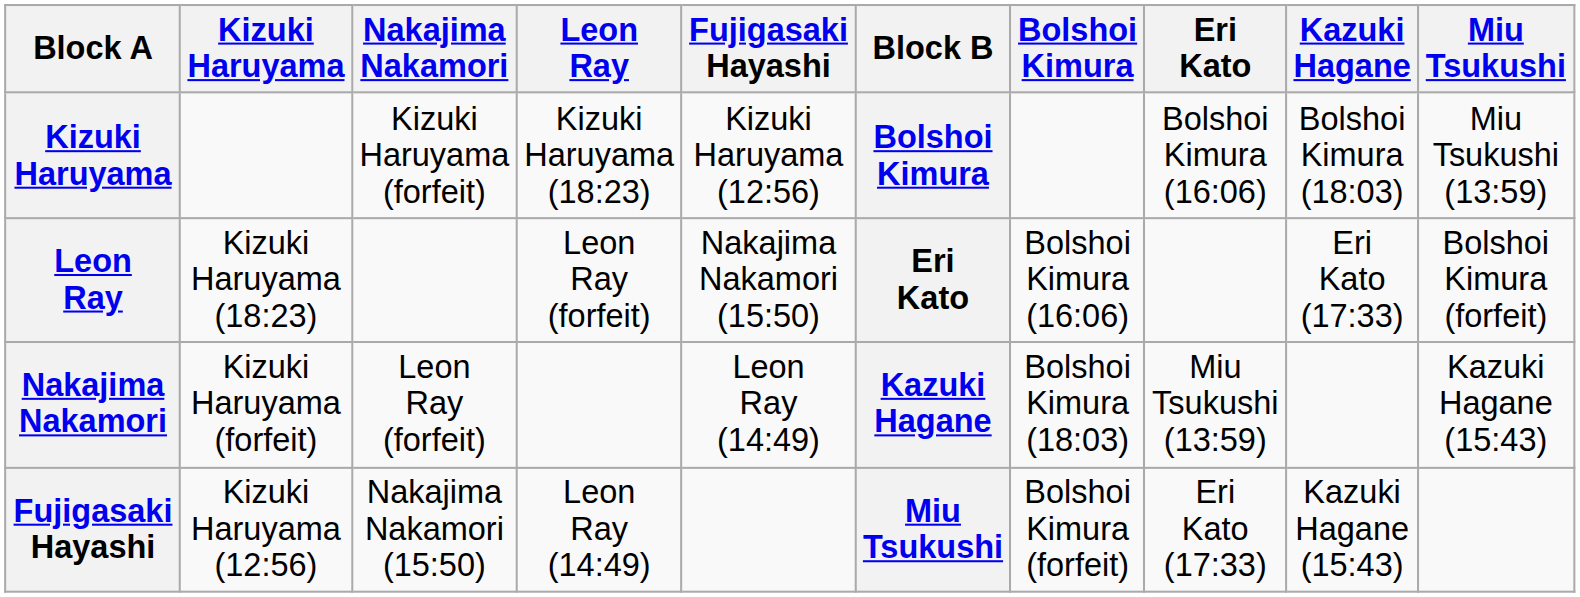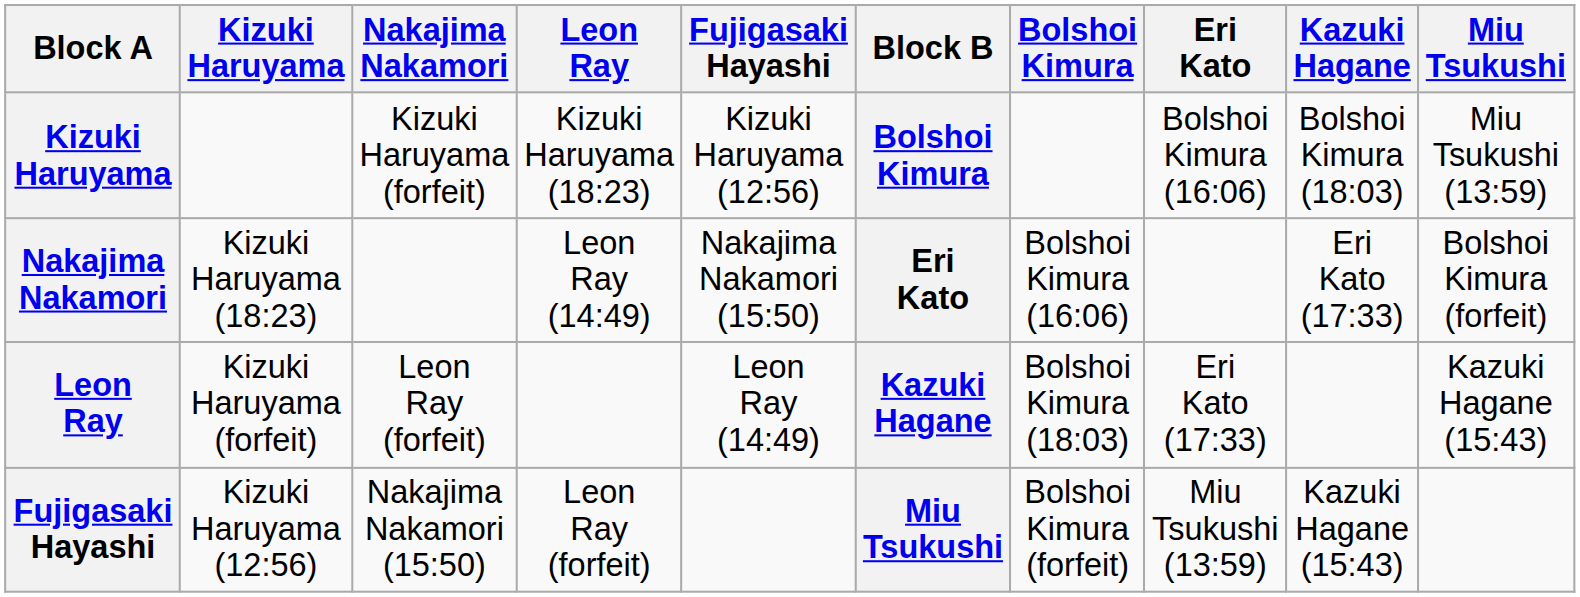 <table class="wikitable" style="text-align:center; margin: 1em auto 1em auto">
 <tr>
 <th>Block A</th>
 <th><a href='#'>Kizuki</a><br><a href='#'>Haruyama</a></th>
 <th><a href='#'>Nakajima</a><br><a href='#'>Nakamori</a></th>
 <th><a href='#'>Leon</a><br><a href='#'>Ray</a></th>
 <th><a href='#'>Fujigasaki</a><br>Hayashi</th>
 <th>Block B</th>
 <th><a href='#'>Bolshoi</a><br><a href='#'>Kimura</a></th>
 <th>Eri<br>Kato</th>
 <th><a href='#'>Kazuki</a><br><a href='#'>Hagane</a></th>
 <th><a href='#'>Miu</a><br><a href='#'>Tsukushi</a></th>
 </tr>
 <tr>
 <th><a href='#'>Kizuki</a><br><a href='#'>Haruyama</a></th>
 <td></td>
 <td>Kizuki<br>Haruyama<br>(forfeit)</td>
 <td>Kizuki<br>Haruyama<br>(18:23)</td>
 <td>Kizuki<br>Haruyama<br>(12:56)</td>
 <th><a href='#'>Bolshoi</a><br><a href='#'>Kimura</a></th>
 <td></td>
 <td>Bolshoi<br>Kimura<br>(16:06)</td>
 <td>Bolshoi<br>Kimura<br>(18:03)</td>
 <td>Miu<br>Tsukushi<br>(13:59)</td>
 </tr>
 <tr>
-<th><a href='#'>Leon</a><br><a href='#'>Ray</a></th>
+<th><a href='#'>Nakajima</a><br><a href='#'>Nakamori</a></th>
 <td>Kizuki<br>Haruyama<br>(18:23)</td>
 <td></td>
-<td>Leon<br>Ray<br>(forfeit)</td>
+<td>Leon<br>Ray<br>(14:49)</td>
 <td>Nakajima<br>Nakamori<br>(15:50)</td>
 <th>Eri<br>Kato</th>
 <td>Bolshoi<br>Kimura<br>(16:06)</td>
 <td></td>
 <td>Eri<br>Kato<br>(17:33)</td>
 <td>Bolshoi<br>Kimura<br>(forfeit)</td>
 </tr>
 <tr>
-<th><a href='#'>Nakajima</a><br><a href='#'>Nakamori</a></th>
+<th><a href='#'>Leon</a><br><a href='#'>Ray</a></th>
 <td>Kizuki<br>Haruyama<br>(forfeit)</td>
 <td>Leon<br>Ray<br>(forfeit)</td>
 <td></td>
 <td>Leon<br>Ray<br>(14:49)</td>
 <th><a href='#'>Kazuki</a><br><a href='#'>Hagane</a></th>
 <td>Bolshoi<br>Kimura<br>(18:03)</td>
-<td>Miu<br>Tsukushi<br>(13:59)</td>
+<td>Eri<br>Kato<br>(17:33)</td>
 <td></td>
 <td>Kazuki<br>Hagane<br>(15:43)</td>
 </tr>
 <tr>
 <th><a href='#'>Fujigasaki</a><br>Hayashi</th>
 <td>Kizuki<br>Haruyama<br>(12:56)</td>
 <td>Nakajima<br>Nakamori<br>(15:50)</td>
-<td>Leon<br>Ray<br>(14:49)</td>
+<td>Leon<br>Ray<br>(forfeit)</td>
 <td></td>
 <th><a href='#'>Miu</a><br><a href='#'>Tsukushi</a></th>
 <td>Bolshoi<br>Kimura<br>(forfeit)</td>
-<td>Eri<br>Kato<br>(17:33)</td>
+<td>Miu<br>Tsukushi<br>(13:59)</td>
 <td>Kazuki<br>Hagane<br>(15:43)</td>
 <td></td>
 </tr>
 </table>
